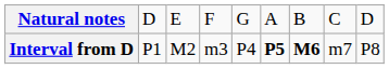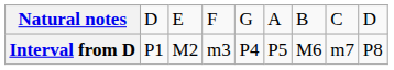 <table class="wikitable">
 <tr>
 <th><a href='#'>Natural notes</a></th>
 <td>D</td>
 <td>E</td>
 <td>F</td>
 <td>G</td>
 <td>A</td>
 <td>B</td>
 <td>C</td>
 <td>D</td>
 </tr>
 <tr>
 <th><a href='#'>Interval</a> from D</th>
 <td>P1</td>
 <td>M2</td>
 <td>m3</td>
 <td>P4</td>
-<td><strong>P5</strong></td>
-<td><strong>M6</strong></td>
+<td>P5</td>
+<td>M6</td>
 <td>m7</td>
 <td>P8</td>
 </tr>
 </table>
